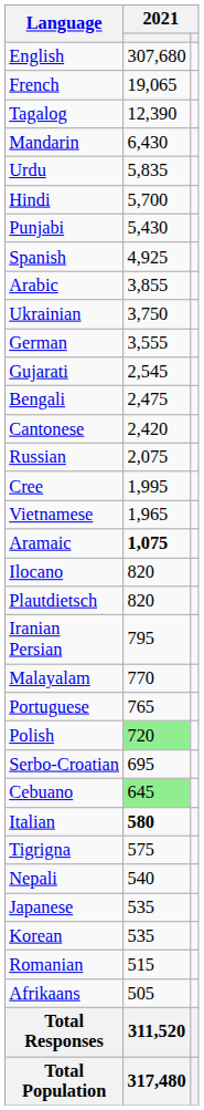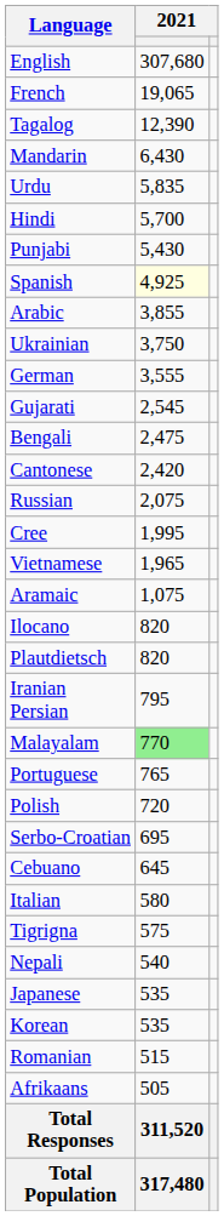 <table class="wikitable collapsible sortable">
 <tr>
 <th rowspan="2"><a href='#'>Language</a></th>
 <th colspan="2">2021</th>
 </tr>
 <tr>
 <th><a href='#'></a></th>
 <th></th>
 </tr>
 <tr>
 <td><a href='#'>English</a></td>
 <td>307,680</td>
 <td></td>
 </tr>
 <tr>
 <td><a href='#'>French</a></td>
 <td>19,065</td>
 <td></td>
 </tr>
 <tr>
 <td><a href='#'>Tagalog</a></td>
 <td>12,390</td>
 <td></td>
 </tr>
 <tr>
 <td><a href='#'>Mandarin</a></td>
 <td>6,430</td>
 <td></td>
 </tr>
 <tr>
 <td><a href='#'>Urdu</a></td>
 <td>5,835</td>
 <td></td>
 </tr>
 <tr>
 <td><a href='#'>Hindi</a></td>
 <td>5,700</td>
 <td></td>
 </tr>
 <tr>
 <td><a href='#'>Punjabi</a></td>
 <td>5,430</td>
 <td></td>
 </tr>
 <tr>
 <td><a href='#'>Spanish</a></td>
-<td>4,925</td>
+<td style="background: lightyellow;">4,925</td>
 <td></td>
 </tr>
 <tr>
 <td><a href='#'>Arabic</a></td>
 <td>3,855</td>
 <td></td>
 </tr>
 <tr>
 <td><a href='#'>Ukrainian</a></td>
 <td>3,750</td>
 <td></td>
 </tr>
 <tr>
 <td><a href='#'>German</a></td>
 <td>3,555</td>
 <td></td>
 </tr>
 <tr>
 <td><a href='#'>Gujarati</a></td>
 <td>2,545</td>
 <td></td>
 </tr>
 <tr>
 <td><a href='#'>Bengali</a></td>
 <td>2,475</td>
 <td></td>
 </tr>
 <tr>
 <td><a href='#'>Cantonese</a></td>
 <td>2,420</td>
 <td></td>
 </tr>
 <tr>
 <td><a href='#'>Russian</a></td>
 <td>2,075</td>
 <td></td>
 </tr>
 <tr>
 <td><a href='#'>Cree</a></td>
 <td>1,995</td>
 <td></td>
 </tr>
 <tr>
 <td><a href='#'>Vietnamese</a></td>
 <td>1,965</td>
 <td></td>
 </tr>
 <tr>
 <td><a href='#'>Aramaic</a></td>
-<td><strong>1,075</strong></td>
+<td>1,075</td>
 <td></td>
 </tr>
 <tr>
 <td><a href='#'>Ilocano</a></td>
 <td>820</td>
 <td></td>
 </tr>
 <tr>
 <td><a href='#'>Plautdietsch</a></td>
 <td>820</td>
 <td></td>
 </tr>
 <tr>
 <td><a href='#'>Iranian<br>Persian</a></td>
 <td>795</td>
 <td></td>
 </tr>
 <tr>
 <td><a href='#'>Malayalam</a></td>
-<td>770</td>
+<td style="background: lightgreen;">770</td>
 <td></td>
 </tr>
 <tr>
 <td><a href='#'>Portuguese</a></td>
 <td>765</td>
 <td></td>
 </tr>
 <tr>
 <td><a href='#'>Polish</a></td>
-<td style="background: lightgreen;">720</td>
+<td>720</td>
 <td></td>
 </tr>
 <tr>
 <td><a href='#'>Serbo-Croatian</a></td>
 <td>695</td>
 <td></td>
 </tr>
 <tr>
 <td><a href='#'>Cebuano</a></td>
-<td style="background: lightgreen;">645</td>
+<td>645</td>
 <td></td>
 </tr>
 <tr>
 <td><a href='#'>Italian</a></td>
-<td><strong>580</strong></td>
+<td>580</td>
 <td></td>
 </tr>
 <tr>
 <td><a href='#'>Tigrigna</a></td>
 <td>575</td>
 <td></td>
 </tr>
 <tr>
 <td><a href='#'>Nepali</a></td>
 <td>540</td>
 <td></td>
 </tr>
 <tr>
 <td><a href='#'>Japanese</a></td>
 <td>535</td>
 <td></td>
 </tr>
 <tr>
 <td><a href='#'>Korean</a></td>
 <td>535</td>
 <td></td>
 </tr>
 <tr>
 <td><a href='#'>Romanian</a></td>
 <td>515</td>
 <td></td>
 </tr>
 <tr>
 <td><a href='#'>Afrikaans</a></td>
 <td>505</td>
 <td></td>
 </tr>
 <tr>
 <th>Total<br>Responses</th>
 <th>311,520</th>
 <th></th>
 </tr>
 <tr>
 <th>Total<br>Population</th>
 <th>317,480</th>
 <th></th>
 </tr>
 </table>
